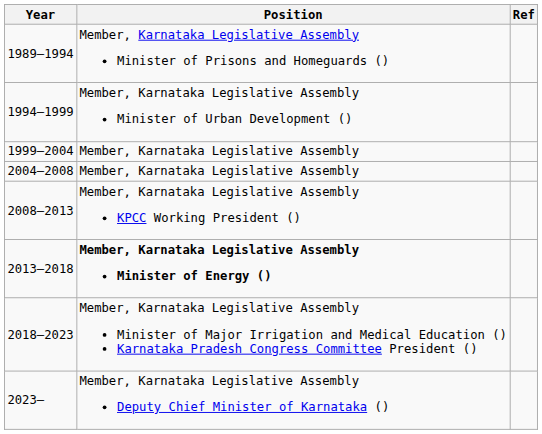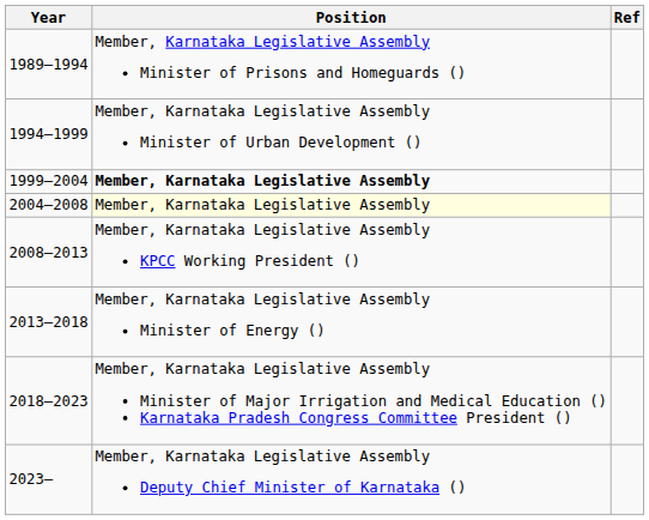 <table class="wikitable">
 <tr>
 <th>Year</th>
 <th>Position</th>
 <th>Ref</th>
 </tr>
 <tr>
 <td>1989–1994</td>
 <td>Member, <a href='#'>Karnataka Legislative Assembly</a><br><ul><li>Minister of Prisons and Homeguards ()</li></ul></td>
 <td></td>
 </tr>
 <tr>
 <td>1994–1999</td>
 <td>Member, Karnataka Legislative Assembly<br><ul><li>Minister of Urban Development ()</li></ul></td>
 <td></td>
 </tr>
 <tr>
 <td>1999–2004</td>
-<td>Member, Karnataka Legislative Assembly</td>
+<td><strong>Member, Karnataka Legislative Assembly</strong></td>
 <td></td>
 </tr>
 <tr>
 <td>2004–2008</td>
-<td>Member, Karnataka Legislative Assembly</td>
+<td style="background: lightyellow;">Member, Karnataka Legislative Assembly</td>
 <td></td>
 </tr>
 <tr>
 <td>2008–2013</td>
 <td>Member, Karnataka Legislative Assembly<br><ul><li><a href='#'>KPCC</a> Working President ()</li></ul></td>
 <td></td>
 </tr>
 <tr>
 <td>2013–2018</td>
-<td><strong>Member, Karnataka Legislative Assembly<br><ul><li>Minister of Energy ()</li></ul></strong></td>
+<td>Member, Karnataka Legislative Assembly<br><ul><li>Minister of Energy ()</li></ul></td>
 <td></td>
 </tr>
 <tr>
 <td>2018–2023</td>
 <td>Member, Karnataka Legislative Assembly<br><ul><li>Minister of Major Irrigation and Medical Education ()</li><li><a href='#'>Karnataka Pradesh Congress Committee</a> President ()</li></ul></td>
 <td></td>
 </tr>
 <tr>
 <td>2023–</td>
 <td>Member, Karnataka Legislative Assembly<br><ul><li><a href='#'>Deputy Chief Minister of Karnataka</a> ()</li></ul></td>
 </tr>
 </table>
